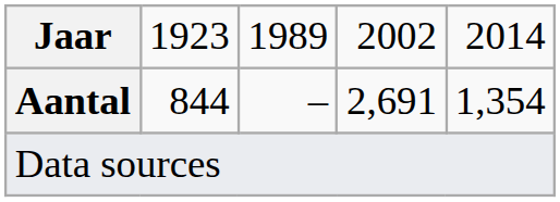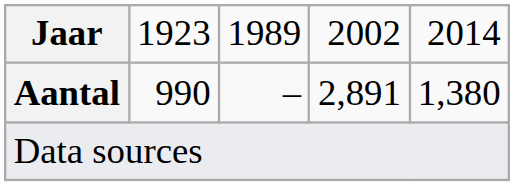 <table class="wikitable" style="text-align:right">
 <tr>
 <th>Jaar</th>
 <td>1923</td>
 <td>1989</td>
 <td>2002</td>
 <td>2014</td>
 </tr>
 <tr>
 <th>Aantal</th>
-<td>844</td>
+<td>990</td>
 <td>–</td>
-<td>2,691</td>
-<td> 1,354</td>
+<td>2,891</td>
+<td> 1,380</td>
 </tr>
 <tr>
 <td colspan=10 class="wikitable" style="align:left;text-align:left;background-color:#eaecf0">Data sources</td>
 </tr>
 </table>
